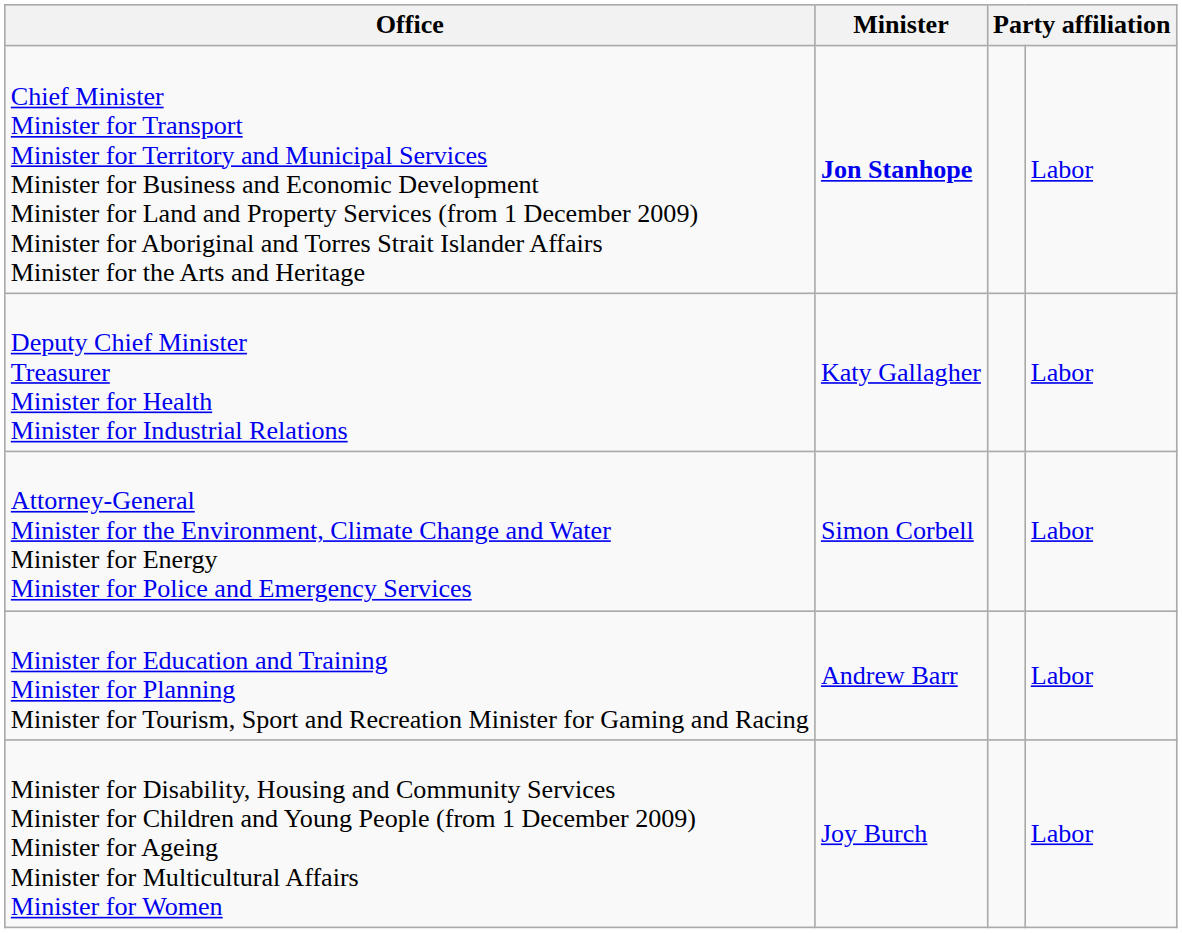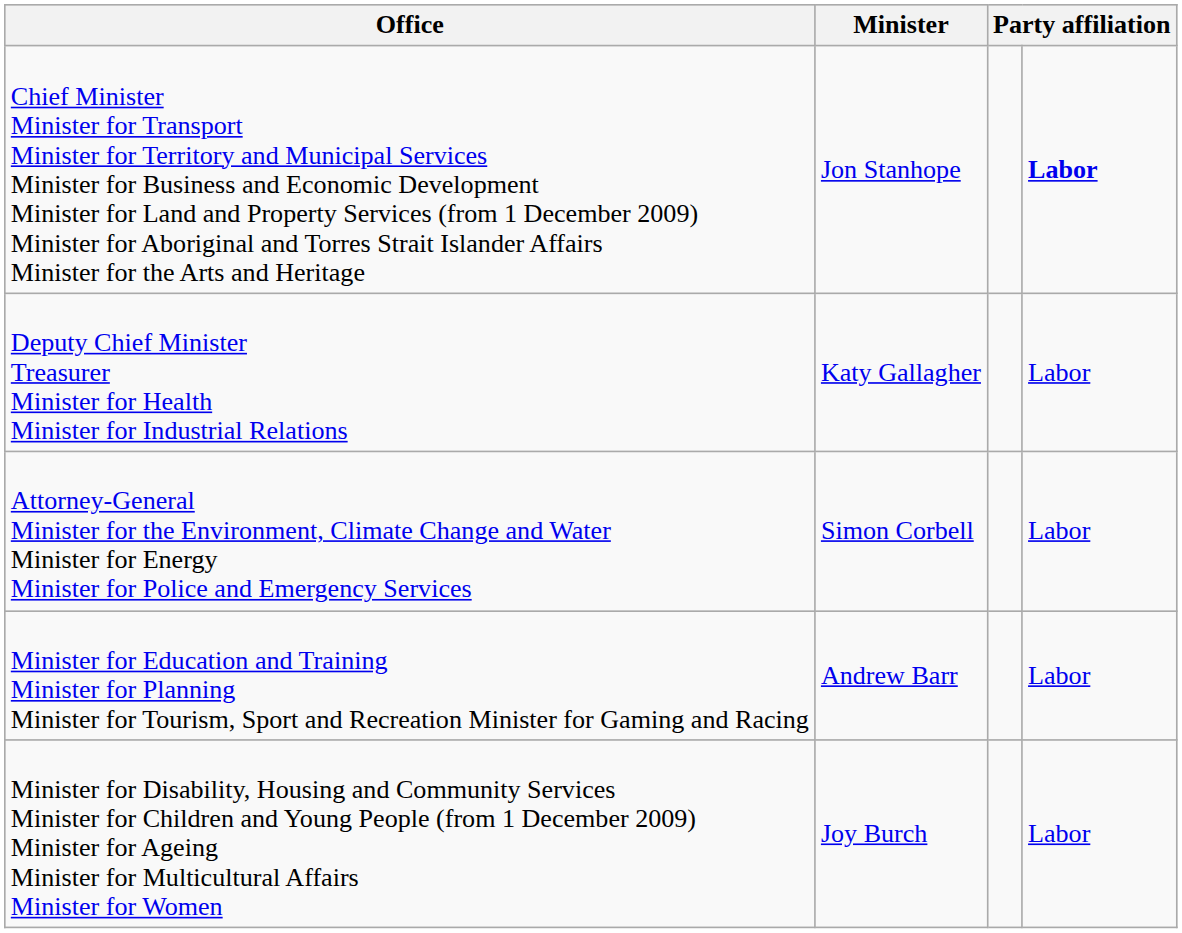 <table class="wikitable">
 <tr>
 <th>Office</th>
 <th>Minister</th>
 <th colspan=2>Party affiliation</th>
 </tr>
 <tr>
 <td><br><a href='#'>Chief Minister</a><br> <a href='#'>Minister for Transport</a><br> <a href='#'>Minister for Territory and Municipal Services</a><br> Minister for Business and Economic Development<br> Minister for Land and Property Services (from 1 December 2009)<br> Minister for Aboriginal and Torres Strait Islander Affairs<br> Minister for the Arts and Heritage</td>
-<td><strong><a href='#'>Jon Stanhope</a></strong></td>
+<td><a href='#'>Jon Stanhope</a></td>
 <td> </td>
-<td><a href='#'>Labor</a></td>
+<td><strong><a href='#'>Labor</a></strong></td>
 </tr>
 <tr>
 <td><br><a href='#'>Deputy Chief Minister</a><br> <a href='#'>Treasurer</a><br> <a href='#'>Minister for Health</a><br> <a href='#'>Minister for Industrial Relations</a><br></td>
 <td><a href='#'>Katy Gallagher</a></td>
 <td> </td>
 <td><a href='#'>Labor</a></td>
 </tr>
 <tr>
 <td><br><a href='#'>Attorney-General</a><br> <a href='#'>Minister for the Environment, Climate Change and Water</a><br> Minister for Energy<br> <a href='#'>Minister for Police and Emergency Services</a></td>
 <td><a href='#'>Simon Corbell</a></td>
 <td> </td>
 <td><a href='#'>Labor</a></td>
 </tr>
 <tr>
 <td><br><a href='#'>Minister for Education and Training</a><br> <a href='#'>Minister for Planning</a><br> Minister for Tourism, Sport and Recreation Minister for Gaming and Racing</td>
 <td><a href='#'>Andrew Barr</a></td>
 <td> </td>
 <td><a href='#'>Labor</a></td>
 </tr>
 <tr>
 <td><br>Minister for Disability, Housing and Community Services<br> Minister for Children and Young People (from 1 December 2009)<br> Minister for Ageing<br> Minister for Multicultural Affairs<br> <a href='#'>Minister for Women</a></td>
 <td><a href='#'>Joy Burch</a></td>
 <td> </td>
 <td><a href='#'>Labor</a></td>
 </tr>
 </table>
